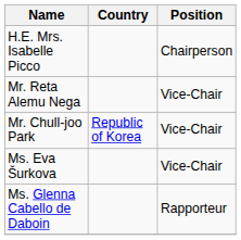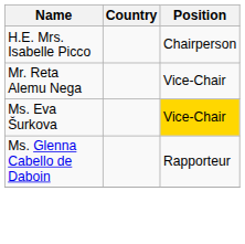 <table class="wikitable" style="display: inline-table; width: 45%">
 <tr>
 <th>Name</th>
 <th>Country</th>
 <th>Position</th>
 </tr>
 <tr>
 <td>H.E. Mrs. Isabelle Picco</td>
 <td></td>
 <td>Chairperson</td>
 </tr>
 <tr>
 <td>Mr. Reta Alemu Nega</td>
 <td></td>
 <td>Vice-Chair</td>
 </tr>
 <tr>
-<td>Mr. Chull-joo Park</td>
-<td> <a href='#'>Republic of Korea</a></td>
-<td>Vice-Chair</td>
-</tr>
-<tr>
 <td>Ms. Eva Šurkova</td>
 <td></td>
-<td>Vice-Chair</td>
+<td style="background: gold;">Vice-Chair</td>
 </tr>
 <tr>
 <td>Ms. <a href='#'>Glenna Cabello de Daboin</a></td>
 <td></td>
 <td>Rapporteur</td>
 </tr>
 <tr>
 </tr>
 </table>
